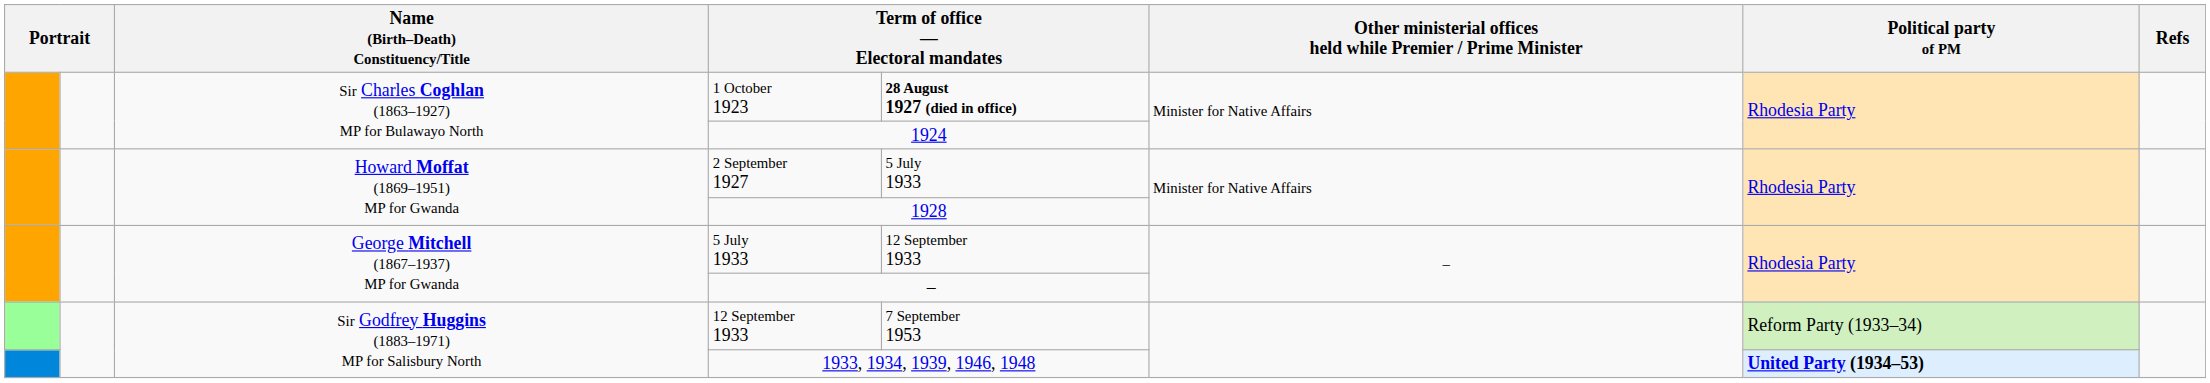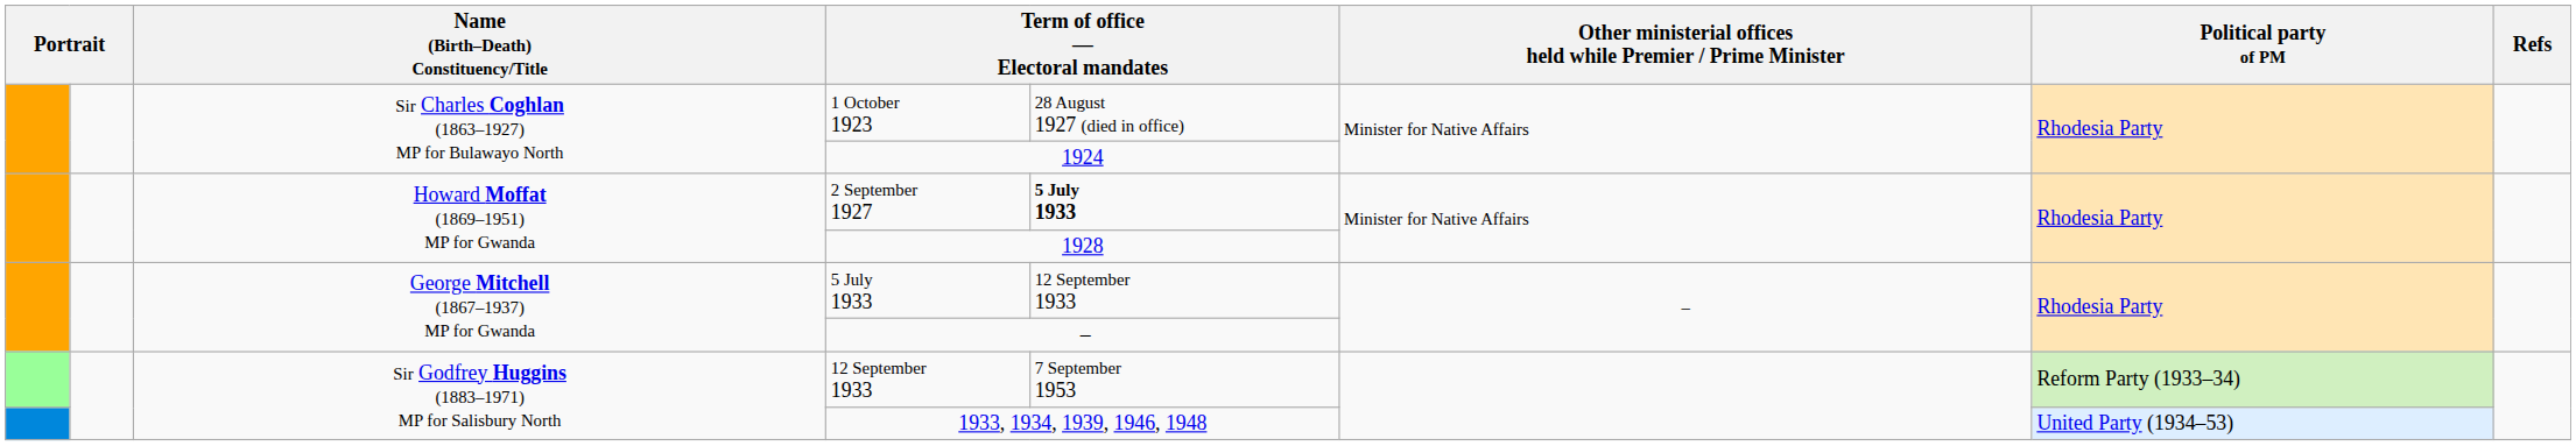 <table class="wikitable" width=100%>
 <tr>
 <th scope="col" colspan="2" width=40>Portrait</th>
 <th scope="col" width=27%>Name<br><small>(Birth–Death)<br>Constituency/Title</small></th>
 <th scope="col" colspan="2" width=20%>Term of office<br>—<br>Electoral mandates</th>
 <th scope="col" width=27%>Other ministerial offices<br>held while Premier / Prime Minister</th>
 <th scope="col" width=18%>Political party<br><small>of PM</small></th>
 <th scope="col">Refs</th>
 </tr>
 <tr>
 <td scope="row" rowspan="2" style="background-color: orange"></td>
 <td rowspan="2"></td>
 <td rowspan="2" align="center"><small>Sir</small> <a href='#'>Charles <strong>Coghlan</strong></a><br><small>(1863–1927)<br>MP for Bulawayo North</small></td>
 <td><small>1 October</small><br>1923</td>
-<td><strong><small>28 August</small><br>1927 <small>(died in office)</small></strong></td>
+<td><small>28 August</small><br>1927 <small>(died in office)</small></td>
 <td rowspan="2"><small>Minister for Native Affairs</small></td>
 <td bgcolor=#FFE5B4 rowspan="2"><a href='#'>Rhodesia Party</a></td>
 <td rowspan="2" align=center></td>
 </tr>
 <tr>
 <td colspan="2" align="center"><a href='#'>1924</a></td>
 </tr>
 <tr>
 <td scope="row" rowspan="2" style="background-color: orange"></td>
 <td rowspan="2"></td>
 <td rowspan="2" align="center"><a href='#'>Howard <strong>Moffat</strong></a><br><small>(1869–1951)<br>MP for Gwanda</small></td>
 <td><small>2 September</small><br>1927</td>
-<td><small>5 July</small><br>1933</td>
+<td><strong><small>5 July</small><br>1933</strong></td>
 <td rowspan="2"><small>Minister for Native Affairs</small></td>
 <td bgcolor=#FFE5B4 rowspan="2"><a href='#'>Rhodesia Party</a></td>
 <td rowspan="2" align=center></td>
 </tr>
 <tr>
 <td colspan="2" align="center"><a href='#'>1928</a></td>
 </tr>
 <tr>
 <td scope="row" rowspan="2" style="background-color: orange"></td>
 <td rowspan="2"></td>
 <td rowspan="2" align="center"><a href='#'>George <strong>Mitchell</strong></a><br><small>(1867–1937)<br>MP for Gwanda</small></td>
 <td><small>5 July</small><br>1933</td>
 <td><small>12 September</small><br>1933</td>
 <td rowspan="2" align=center><small>–</small></td>
 <td bgcolor=#FFE5B4 rowspan="2"><a href='#'>Rhodesia Party</a></td>
 <td rowspan="2" align=center></td>
 </tr>
 <tr>
 <td colspan="2" align="center"> –</td>
 </tr>
 <tr>
 <td scope="row" style="background-color: #99FF99"></td>
 <td rowspan="2"></td>
 <td rowspan="2" align="center"><small>Sir</small> <a href='#'>Godfrey <strong>Huggins</strong></a><br><small>(1883–1971)<br>MP for Salisbury North</small></td>
 <td><small>12 September</small><br>1933</td>
 <td><small>7 September</small><br>1953</td>
 <td rowspan="2"><small></small></td>
 <td bgcolor=#D0F0C0>Reform Party (1933–34)</td>
 <td rowspan="2" align=center></td>
 </tr>
 <tr>
 <td scope="row"  style="background-color: #0087DC"></td>
 <td colspan="2" align="center"><a href='#'>1933</a>, <a href='#'>1934</a>, <a href='#'>1939</a>, <a href='#'>1946</a>, <a href='#'>1948</a></td>
-<td bgcolor=#ddeeff><strong><a href='#'>United Party</a> (1934–53)</strong></td>
+<td bgcolor=#ddeeff><a href='#'>United Party</a> (1934–53)</td>
 </tr>
 </table>
